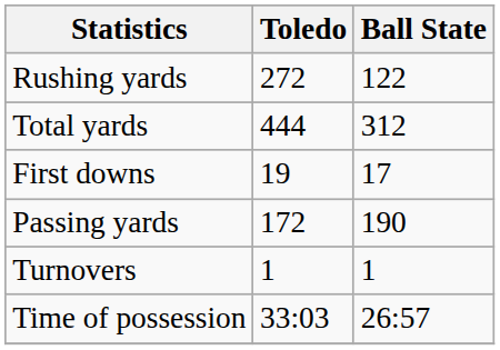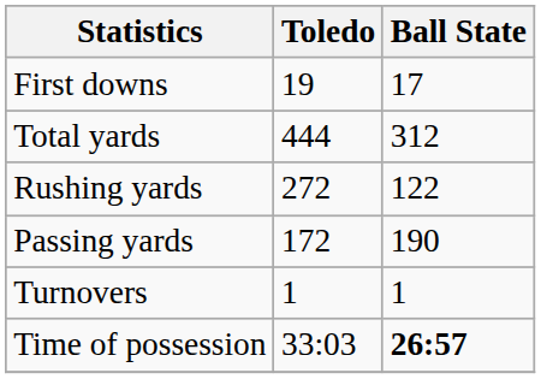 <table class="wikitable">
 <tr>
 <th>Statistics</th>
 <th>Toledo</th>
 <th>Ball State</th>
 </tr>
 <tr>
-<td>Rushing yards</td>
-<td>272</td>
-<td>122</td>
+<td>First downs</td>
+<td>19</td>
+<td>17</td>
 </tr>
 <tr>
 <td>Total yards</td>
 <td>444</td>
 <td>312</td>
 </tr>
 <tr>
-<td>First downs</td>
-<td>19</td>
-<td>17</td>
+<td>Rushing yards</td>
+<td>272</td>
+<td>122</td>
 </tr>
 <tr>
 <td>Passing yards</td>
 <td>172</td>
 <td>190</td>
 </tr>
 <tr>
 <td>Turnovers</td>
 <td>1</td>
 <td>1</td>
 </tr>
 <tr>
 <td>Time of possession</td>
 <td>33:03</td>
-<td>26:57</td>
+<td><strong>26:57</strong></td>
 </tr>
 <tr>
 </tr>
 </table>
